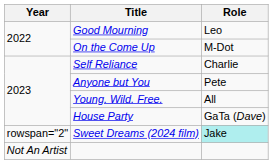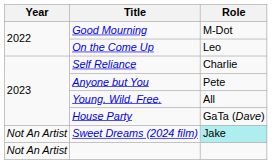 <table class="wikitable">
 <tr>
 <th>Year</th>
 <th>Title</th>
 <th>Role</th>
 </tr>
 <tr>
 <td rowspan="2">2022</td>
 <td><em><a href='#'>Good Mourning</a></em></td>
-<td>Leo</td>
+<td>M-Dot</td>
 </tr>
 <tr>
 <td><em><a href='#'>On the Come Up</a></em></td>
-<td>M-Dot</td>
+<td>Leo</td>
 </tr>
 <tr>
 <td rowspan="4">2023</td>
 <td><em><a href='#'>Self Reliance</a></em></td>
 <td>Charlie</td>
 </tr>
 <tr>
 <td><em><a href='#'>Anyone but You</a></em></td>
 <td>Pete</td>
 </tr>
 <tr>
 <td><em><a href='#'>Young. Wild. Free.</a></em></td>
 <td>All</td>
 </tr>
 <tr>
 <td><em><a href='#'>House Party</a></em></td>
 <td>GaTa (<em>Dave</em>)</td>
 </tr>
 <tr>
-<td>rowspan="2" </td>
+<td><em>Not An Artist</em></td>
 <td><em><a href='#'>Sweet Dreams (2024 film)</a></em></td>
 <td style="background: paleturquoise;">Jake</td>
 </tr>
 <tr>
 <td><em>Not An Artist</em></td>
 <td></td>
 </tr>
 </table>
